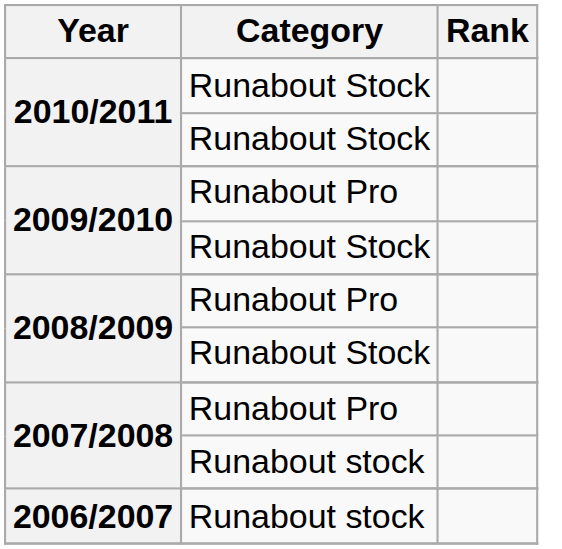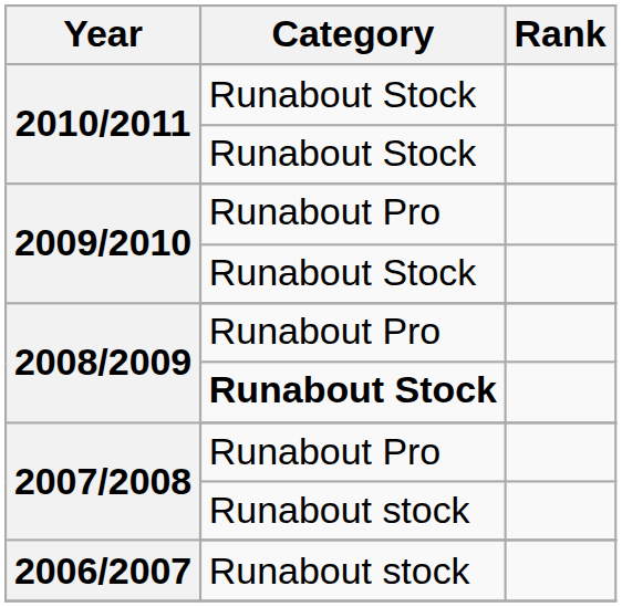 <table class="wikitable">
 <tr>
 <th>Year</th>
 <th>Category</th>
 <th>Rank</th>
 </tr>
 <tr>
 <th rowspan=3>2010/2011</th>
 </tr>
 <tr>
 <td>Runabout Stock</td>
 <td></td>
 </tr>
 <tr>
 <td>Runabout Stock</td>
 <td></td>
 </tr>
 <tr>
 <th rowspan=3>2009/2010</th>
 </tr>
 <tr>
 <td>Runabout Pro</td>
 <td></td>
 </tr>
 <tr>
 <td>Runabout Stock</td>
 <td></td>
 </tr>
 <tr>
 <th rowspan=3>2008/2009</th>
 </tr>
 <tr>
 <td>Runabout Pro</td>
 <td></td>
 </tr>
 <tr>
-<td>Runabout Stock</td>
+<td><strong>Runabout Stock</strong></td>
 <td></td>
 </tr>
 <tr>
 <th rowspan=3>2007/2008</th>
 </tr>
 <tr>
 <td>Runabout Pro</td>
 <td></td>
 </tr>
 <tr>
 <td>Runabout stock</td>
 <td></td>
 </tr>
 <tr>
 <th rowspan=2>2006/2007</th>
 </tr>
 <tr>
 <td>Runabout stock</td>
 <td></td>
 </tr>
 <tr>
 </tr>
 </table>
